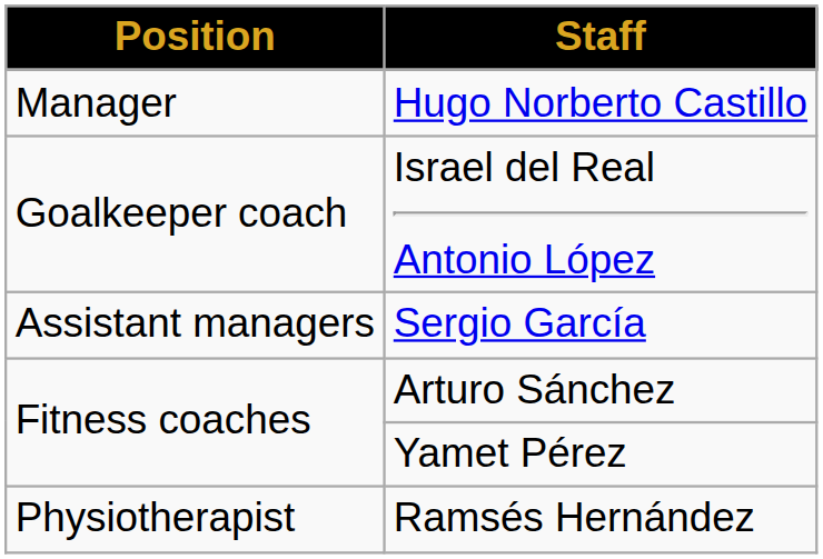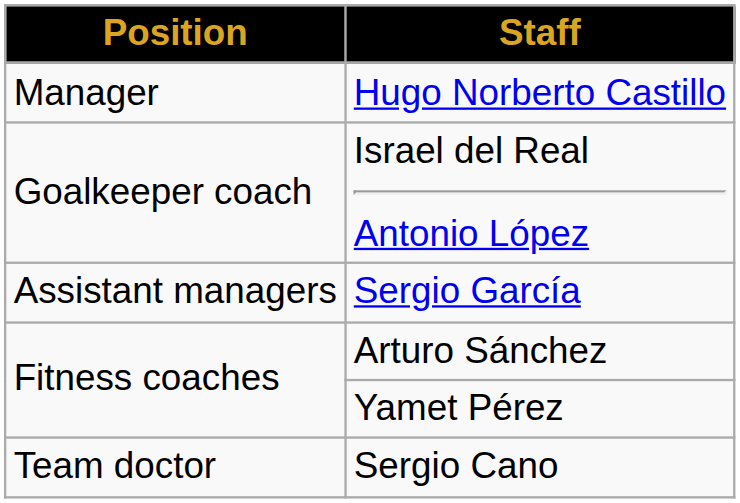 <table class="wikitable">
 <tr>
 <th style=background-color:#000000;color:#DAA520>Position</th>
 <th style=background-color:#000000;color:#DAA520>Staff</th>
 </tr>
 <tr>
 </tr>
 <tr>
 <td>Manager</td>
 <td> <a href='#'>Hugo Norberto Castillo</a></td>
 </tr>
 <tr>
 <td>Goalkeeper coach</td>
 <td> Israel del Real<hr>  <a href='#'>Antonio López</a></td>
 </tr>
 <tr>
 <td>Assistant managers</td>
 <td> <a href='#'>Sergio García</a></td>
 </tr>
 <tr>
 <td rowspan="2">Fitness coaches</td>
 <td> Arturo Sánchez</td>
 </tr>
 <tr>
 <td> Yamet Pérez</td>
 </tr>
 <tr>
-<td>Physiotherapist</td>
-<td> Ramsés Hernández</td>
+<td>Team doctor</td>
+<td> Sergio Cano</td>
 </tr>
 </table>
